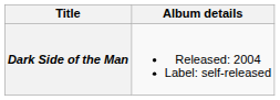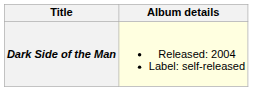 <table class="wikitable plainrowheaders" style="text-align:center;">
 <tr>
 <th scope="col">Title</th>
 <th scope="col">Album details</th>
 </tr>
 <tr>
 <th scope="row"><em>Dark Side of the Man</em></th>
-<td><br><ul><li>Released: 2004</li><li>Label: self-released</li></ul></td>
+<td style="background: lightyellow;"><br><ul><li>Released: 2004</li><li>Label: self-released</li></ul></td>
 </tr>
 </table>
